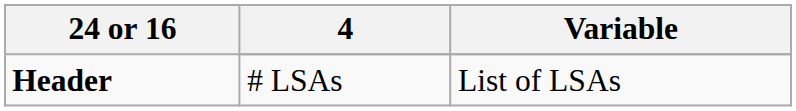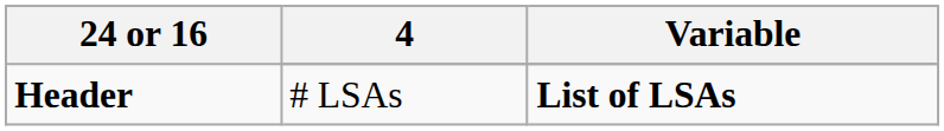 <table class="wikitable  floatright mw-collapsible mw-collapsed" style="width: 400px;">
 <tr>
 <th>24 or 16</th>
 <th>4</th>
 <th>Variable</th>
 </tr>
 <tr>
 <td rowspan="2" colspan="1"><strong>Header</strong></td>
 </tr>
 <tr>
 <td># LSAs</td>
-<td>List of LSAs</td>
+<td><strong>List of LSAs</strong></td>
 </tr>
 </table>
